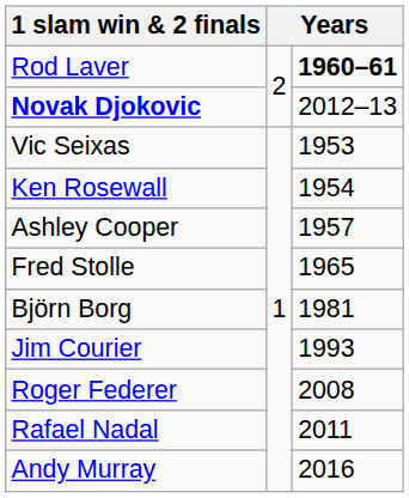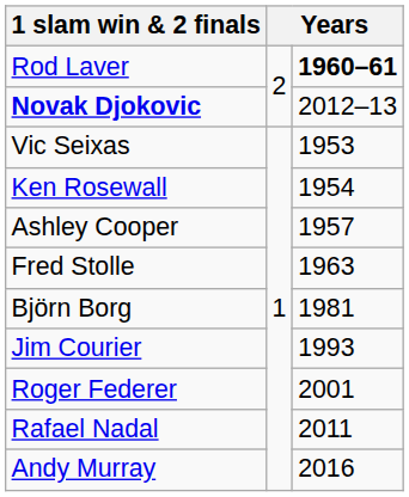 <table class=wikitable style="display:inline-table;">
 <tr>
 <th>1 slam win & 2 finals</th>
 <th colspan=2>Years</th>
 </tr>
 <tr>
 <td> <a href='#'>Rod Laver</a></td>
 <td rowspan=2>2</td>
 <td><strong>1960–61</strong></td>
 </tr>
 <tr>
 <td> <strong><a href='#'>Novak Djokovic</a></strong></td>
 <td>2012–13</td>
 </tr>
 <tr>
 <td> Vic Seixas</td>
 <td rowspan=9>1</td>
 <td>1953</td>
 </tr>
 <tr>
 <td> <a href='#'>Ken Rosewall</a></td>
 <td>1954</td>
 </tr>
 <tr>
 <td> Ashley Cooper</td>
 <td>1957</td>
 </tr>
 <tr>
 <td> Fred Stolle</td>
-<td>1965</td>
+<td>1963</td>
 </tr>
 <tr>
 <td> Björn Borg</td>
 <td>1981</td>
 </tr>
 <tr>
 <td> <a href='#'>Jim Courier</a></td>
 <td>1993</td>
 </tr>
 <tr>
 <td> <a href='#'>Roger Federer</a></td>
-<td>2008</td>
+<td>2001</td>
 </tr>
 <tr>
 <td> <a href='#'>Rafael Nadal</a></td>
 <td>2011</td>
 </tr>
 <tr>
 <td> <a href='#'>Andy Murray</a></td>
 <td>2016</td>
 </tr>
 </table>
